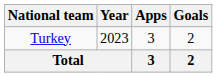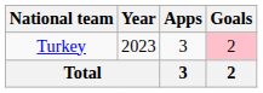 <table class="wikitable" style="text-align:center">
 <tr>
 <th>National team</th>
 <th>Year</th>
 <th>Apps</th>
 <th>Goals</th>
 </tr>
 <tr>
 <td><a href='#'>Turkey</a></td>
 <td>2023</td>
 <td>3</td>
-<td>2</td>
+<td style="background: pink;">2</td>
 </tr>
 <tr>
 <th colspan="2">Total</th>
 <th>3</th>
 <th>2</th>
 </tr>
 </table>
